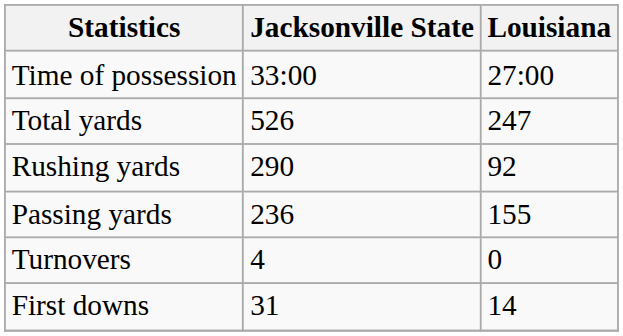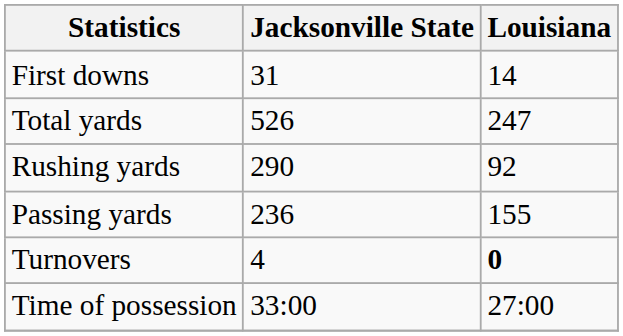 <table class="wikitable">
 <tr>
 <th>Statistics</th>
 <th>Jacksonville State</th>
 <th>Louisiana</th>
 </tr>
 <tr>
-<td>Time of possession</td>
-<td>33:00</td>
-<td>27:00</td>
+<td>First downs</td>
+<td>31</td>
+<td>14</td>
 </tr>
 <tr>
 <td>Total yards</td>
 <td>526</td>
 <td>247</td>
 </tr>
 <tr>
 <td>Rushing yards</td>
 <td>290</td>
 <td>92</td>
 </tr>
 <tr>
 <td>Passing yards</td>
 <td>236</td>
 <td>155</td>
 </tr>
 <tr>
 <td>Turnovers</td>
 <td>4</td>
-<td>0</td>
+<td><strong>0</strong></td>
 </tr>
 <tr>
-<td>First downs</td>
-<td>31</td>
-<td>14</td>
+<td>Time of possession</td>
+<td>33:00</td>
+<td>27:00</td>
 </tr>
 <tr>
 </tr>
 </table>
